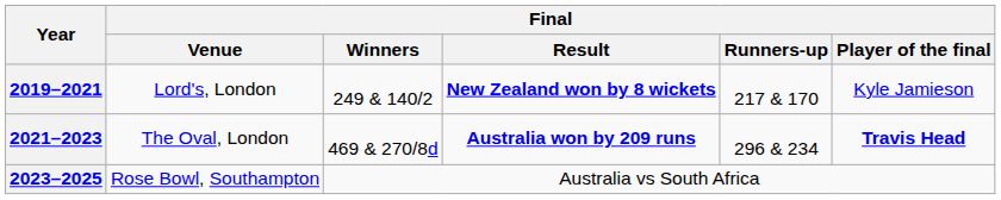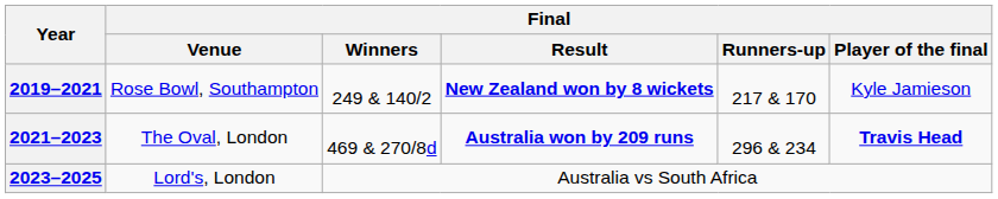 <table class="wikitable" style="text-align: center;">
 <tr>
 <th rowspan="2">Year</th>
 <th colspan="5">Final</th>
 </tr>
 <tr>
 <th>Venue</th>
 <th>Winners</th>
 <th>Result</th>
 <th>Runners-up</th>
 <th>Player of the final</th>
 </tr>
 <tr>
 <th><a href='#'>2019–2021</a></th>
-<td><a href='#'>Lord's</a>, London</td>
+<td><a href='#'>Rose Bowl</a>, <a href='#'>Southampton</a></td>
 <td><br>249 & 140/2</td>
 <td><strong><a href='#'>New Zealand won by 8 wickets</a></strong> <br> </td>
 <td><br>217 & 170</td>
 <td> <a href='#'>Kyle Jamieson</a></td>
 </tr>
 <tr>
 <th><a href='#'>2021–2023</a></th>
 <td><a href='#'>The Oval</a>, London</td>
 <td><br>469 & 270/8<a href='#'>d</a></td>
 <td><strong><a href='#'>Australia won by 209 runs</a></strong> <br></td>
 <td><br>296 & 234</td>
 <td><strong> <a href='#'>Travis Head</a></strong></td>
 </tr>
 <tr>
 <th><a href='#'>2023–2025</a></th>
-<td><a href='#'>Rose Bowl</a>, <a href='#'>Southampton</a></td>
+<td><a href='#'>Lord's</a>, London</td>
 <td colspan="4"> Australia vs  South Africa</td>
 </tr>
 </table>
